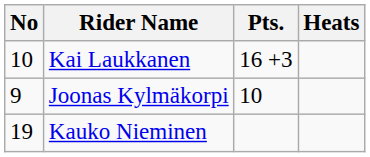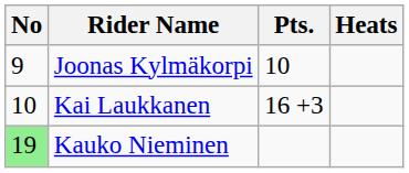 <table class="wikitable">
 <tr style="background-color:">
 <th>No</th>
 <th>Rider Name</th>
 <th>Pts.</th>
 <th>Heats</th>
 </tr>
 <tr>
+<td>9</td>
+<td><a href='#'>Joonas Kylmäkorpi</a></td>
+<td>10</td>
+<td></td>
+</tr>
+<tr>
 <td>10</td>
 <td><a href='#'>Kai Laukkanen</a></td>
 <td>16 +3</td>
 <td></td>
 </tr>
 <tr>
-<td>9</td>
-<td><a href='#'>Joonas Kylmäkorpi</a></td>
-<td>10</td>
-<td></td>
-</tr>
-<tr>
-<td>19</td>
+<td style="background: lightgreen;">19</td>
 <td><a href='#'>Kauko Nieminen</a></td>
 <td></td>
 <td></td>
 </tr>
 </table>
